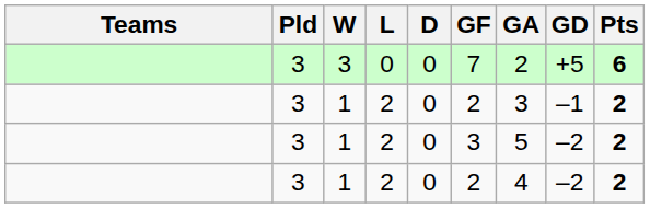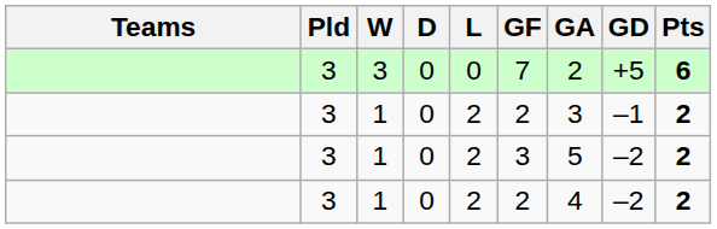 <table class="wikitable" style="text-align: center;">
 <tr>
 <th width=165>Teams</th>
 <th width=20>Pld</th>
 <th width=20>W</th>
+<th width=20>D</th>
 <th width=20>L</th>
-<th width=20>D</th>
 <th width=20>GF</th>
 <th width=20>GA</th>
 <th width=20>GD</th>
 <th width=20>Pts</th>
 </tr>
 <tr align=center style="background:#ccffcc;">
 <td style="text-align:left;"></td>
 <td>3</td>
 <td>3</td>
 <td>0</td>
 <td>0</td>
 <td>7</td>
 <td>2</td>
 <td>+5</td>
 <td><strong>6</strong></td>
 </tr>
 <tr align=center>
 <td style="text-align:left;"></td>
 <td>3</td>
 <td>1</td>
+<td>0</td>
 <td>2</td>
-<td>0</td>
 <td>2</td>
 <td>3</td>
 <td>–1</td>
 <td><strong>2</strong></td>
 </tr>
 <tr align=center>
 <td style="text-align:left;"></td>
 <td>3</td>
 <td>1</td>
+<td>0</td>
 <td>2</td>
-<td>0</td>
 <td>3</td>
 <td>5</td>
 <td>–2</td>
 <td><strong>2</strong></td>
 </tr>
 <tr align=center>
 <td style="text-align:left;"></td>
 <td>3</td>
 <td>1</td>
+<td>0</td>
 <td>2</td>
-<td>0</td>
 <td>2</td>
 <td>4</td>
 <td>–2</td>
 <td><strong>2</strong></td>
 </tr>
 </table>
